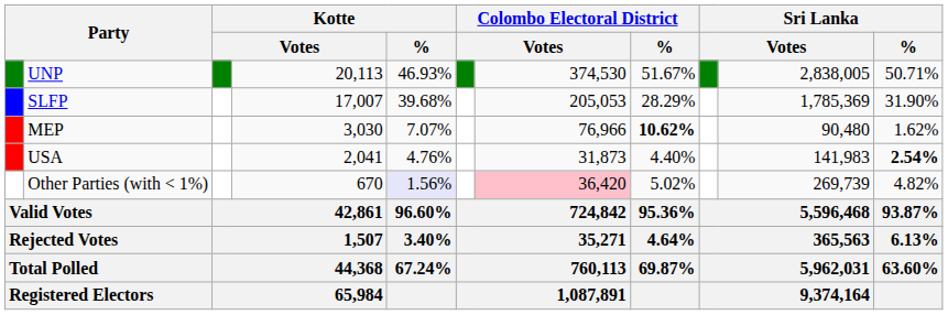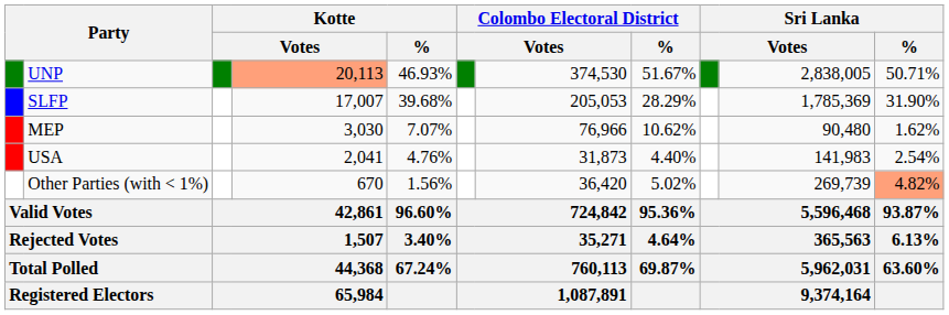 <table class="wikitable">
 <tr>
 <th colspan="2" width="144px"rowspan="2">Party</th>
 <th colspan="3" width="216px">Kotte</th>
 <th colspan="3" width="216px"><a href='#'>Colombo Electoral District</a></th>
 <th colspan="3" width="216px">Sri Lanka</th>
 </tr>
 <tr>
 <th colspan="2" width="144px">Votes</th>
 <th>%</th>
 <th colspan="2" width="144px">Votes</th>
 <th>%</th>
 <th colspan="2" width="144px">Votes</th>
 <th>%</th>
 </tr>
 <tr>
 <td style="background-color:green;" width="10px"></td>
 <td style="text-align:left;"><a href='#'>UNP</a></td>
 <td style="background-color:green;" width="10px"></td>
-<td style="text-align:right;">20,113</td>
+<td style="background: lightsalmon; text-align:right;">20,113</td>
 <td style="text-align:right;">46.93%</td>
 <td style="background-color:green;" width="10px"></td>
 <td style="text-align:right;">374,530</td>
 <td style="text-align:right;">51.67%</td>
 <td style="background-color:green;" width="10px"></td>
 <td style="text-align:right;">2,838,005</td>
 <td style="text-align:right;">50.71%</td>
 </tr>
 <tr>
 <td style="background-color:blue;" width="10px"></td>
 <td style="text-align:left;"><a href='#'>SLFP</a></td>
 <td style="background-color:white;" width="10px"></td>
 <td style="text-align:right;">17,007</td>
 <td style="text-align:right;">39.68%</td>
 <td style="background-color:white;" width="10px"></td>
 <td style="text-align:right;">205,053</td>
 <td style="text-align:right;">28.29%</td>
 <td style="background-color:white;" width="10px"></td>
 <td style="text-align:right;">1,785,369</td>
 <td style="text-align:right;">31.90%</td>
 </tr>
 <tr>
 <td style="background-color:red;" width="10px"></td>
 <td style="text-align:left;">MEP</td>
 <td style="background-color:white;" width="10px"></td>
 <td style="text-align:right;">3,030</td>
 <td style="text-align:right;">7.07%</td>
 <td style="background-color:white;" width="10px"></td>
 <td style="text-align:right;">76,966</td>
-<td style="text-align:right;"><strong>10.62%</strong></td>
+<td style="text-align:right;">10.62%</td>
 <td style="background-color:white;" width="10px"></td>
 <td style="text-align:right;">90,480</td>
 <td style="text-align:right;">1.62%</td>
 </tr>
 <tr>
 <td style="background-color:red;" width="10px"></td>
 <td style="text-align:left;">USA</td>
 <td style="background-color:white;" width="10px"></td>
 <td style="text-align:right;">2,041</td>
 <td style="text-align:right;">4.76%</td>
 <td style="background-color:white;" width="10px"></td>
 <td style="text-align:right;">31,873</td>
 <td style="text-align:right;">4.40%</td>
 <td style="background-color:white;" width="10px"></td>
 <td style="text-align:right;">141,983</td>
-<td style="text-align:right;"><strong>2.54%</strong></td>
+<td style="text-align:right;">2.54%</td>
 </tr>
 <tr>
 <td style="background-color:white;" width="10px"></td>
 <td style="text-align:left;">Other Parties (with < 1%)</td>
 <td style="background-color:white;" width="10px"></td>
 <td style="text-align:right;">670</td>
-<td style="background: lavender; text-align:right;">1.56%</td>
+<td style="text-align:right;">1.56%</td>
 <td style="background-color:white;" width="10px"></td>
-<td style="background: pink; text-align:right;">36,420</td>
+<td style="text-align:right;">36,420</td>
 <td style="text-align:right;">5.02%</td>
 <td style="background-color:white;" width="10px"></td>
 <td style="text-align:right;">269,739</td>
-<td style="text-align:right;">4.82%</td>
+<td style="background: lightsalmon; text-align:right;">4.82%</td>
 </tr>
 <tr>
 <th colspan="2" width="144px"style="text-align:left;">Valid Votes</th>
 <th style="text-align:right;"colspan="2" width="144px">42,861</th>
 <th style="text-align:right;">96.60%</th>
 <th style="text-align:right;"colspan="2" width="144px">724,842</th>
 <th style="text-align:right;">95.36%</th>
 <th style="text-align:right;"colspan="2" width="144px">5,596,468</th>
 <th style="text-align:right;">93.87%</th>
 </tr>
 <tr>
 <th colspan="2" width="144px"style="text-align:left;">Rejected Votes</th>
 <th style="text-align:right;"colspan="2" width="144px">1,507</th>
 <th style="text-align:right;">3.40%</th>
 <th style="text-align:right;"colspan="2" width="144px">35,271</th>
 <th style="text-align:right;">4.64%</th>
 <th style="text-align:right;"colspan="2" width="144px">365,563</th>
 <th style="text-align:right;">6.13%</th>
 </tr>
 <tr>
 <th colspan="2" width="144px"style="text-align:left;">Total Polled</th>
 <th style="text-align:right;"colspan="2" width="144px">44,368</th>
 <th style="text-align:right;">67.24%</th>
 <th style="text-align:right;"colspan="2" width="144px">760,113</th>
 <th style="text-align:right;">69.87%</th>
 <th style="text-align:right;"colspan="2" width="144px">5,962,031</th>
 <th style="text-align:right;">63.60%</th>
 </tr>
 <tr>
 <th colspan="2" width="144px"style="text-align:left;">Registered Electors</th>
 <th style="text-align:right;"colspan="2" width="144px">65,984</th>
 <th></th>
 <th style="text-align:right;"colspan="2" width="144px">1,087,891</th>
 <th></th>
 <th style="text-align:right;"colspan="2" width="144px">9,374,164</th>
 <th></th>
 </tr>
 </table>
